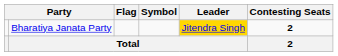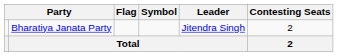 <table class="wikitable" style="text-align:center">
 <tr>
 <th colspan="2">Party</th>
 <th>Flag</th>
 <th>Symbol</th>
 <th>Leader</th>
 <th>Contesting Seats</th>
 </tr>
 <tr>
 <td></td>
 <td><a href='#'>Bharatiya Janata Party</a></td>
 <td></td>
 <td></td>
-<td style="background: gold;"><a href='#'>Jitendra Singh</a></td>
-<td><strong>2</strong></td>
+<td><a href='#'>Jitendra Singh</a></td>
+<td>2</td>
 </tr>
 <tr>
 <th></th>
 <th Colspan=4>Total</th>
 <th>2</th>
 </tr>
 </table>
